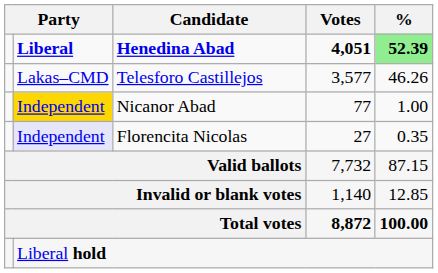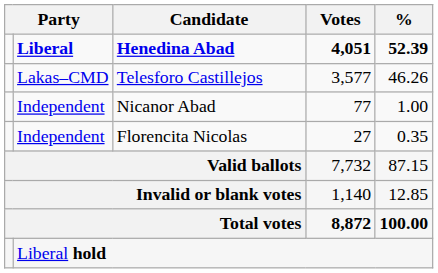 <table class="wikitable" style="font-size:90%; text-align:right;">
 <tr>
 <th colspan="2" style="width:75px;">Party</th>
 <th style="width:150px;">Candidate</th>
 <th style="width:50px;">Votes</th>
 <th style="width:10px;">%</th>
 </tr>
 <tr>
 <td style="background:"></td>
 <td style="text-align:left;"><strong><a href='#'>Liberal</a></strong></td>
 <td style="text-align:left;"><strong><a href='#'>Henedina Abad</a></strong></td>
 <td><strong>4,051</strong></td>
-<td style="background: lightgreen;"><strong>52.39</strong></td>
+<td><strong>52.39</strong></td>
 </tr>
 <tr>
 <td style="background:"></td>
 <td style="text-align:left;"><a href='#'>Lakas–CMD</a></td>
 <td style="text-align:left;"><a href='#'>Telesforo Castillejos</a></td>
 <td>3,577</td>
 <td>46.26</td>
 </tr>
 <tr>
 <td style="background:"></td>
-<td style="background: gold; text-align:left;"><a href='#'>Independent</a></td>
+<td style="text-align:left;"><a href='#'>Independent</a></td>
 <td style="text-align:left;">Nicanor Abad</td>
 <td>77</td>
 <td>1.00</td>
 </tr>
 <tr>
 <td style="background:"></td>
-<td style="background: lavender; text-align:left;"><a href='#'>Independent</a></td>
+<td style="text-align:left;"><a href='#'>Independent</a></td>
 <td style="text-align:left;">Florencita Nicolas</td>
 <td>27</td>
 <td>0.35</td>
 </tr>
 <tr style="background-color:#F6F6F6">
 <th colspan="3" style="text-align:right;">Valid ballots</th>
 <td>7,732</td>
 <td>87.15</td>
 </tr>
 <tr style="background-color:#F6F6F6">
 <th colspan="3" style="text-align:right;">Invalid or blank votes</th>
 <td>1,140</td>
 <td>12.85</td>
 </tr>
 <tr style="background-color:#F6F6F6">
 <th colspan="3" style="text-align:right;">Total votes</th>
 <td><strong>8,872</strong></td>
 <td><strong>100.00</strong></td>
 </tr>
 <tr style="background-color:#F6F6F6">
 <td style="background:"></td>
 <td colspan="4" style="text-align:left;"><a href='#'>Liberal</a> <strong>hold</strong></td>
 </tr>
 </table>
